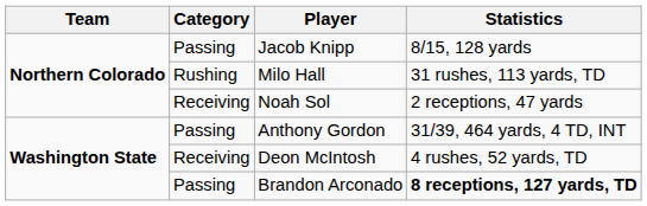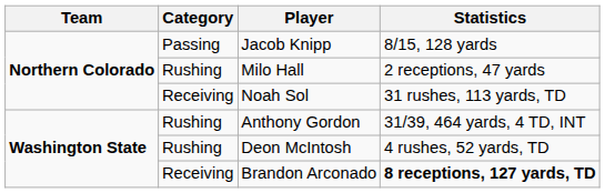 <table class="wikitable" style="float: right;">
 <tr>
 <th>Team</th>
 <th>Category</th>
 <th>Player</th>
 <th>Statistics</th>
 </tr>
 <tr>
 <td rowspan=3><strong>Northern Colorado</strong></td>
 <td>Passing</td>
 <td>Jacob Knipp</td>
 <td>8/15, 128 yards</td>
 </tr>
 <tr>
 <td>Rushing</td>
 <td>Milo Hall</td>
-<td>31 rushes, 113 yards, TD</td>
+<td>2 receptions, 47 yards</td>
 </tr>
 <tr>
 <td>Receiving</td>
 <td>Noah Sol</td>
-<td>2 receptions, 47 yards</td>
+<td>31 rushes, 113 yards, TD</td>
 </tr>
 <tr>
 <td rowspan=3><strong>Washington State</strong></td>
-<td>Passing</td>
+<td>Rushing</td>
 <td>Anthony Gordon</td>
 <td>31/39, 464 yards, 4 TD, INT</td>
 </tr>
 <tr>
-<td>Receiving</td>
+<td>Rushing</td>
 <td>Deon McIntosh</td>
 <td>4 rushes, 52 yards, TD</td>
 </tr>
 <tr>
-<td>Passing</td>
+<td>Receiving</td>
 <td>Brandon Arconado</td>
 <td><strong>8 receptions, 127 yards, TD</strong></td>
 </tr>
 </table>
